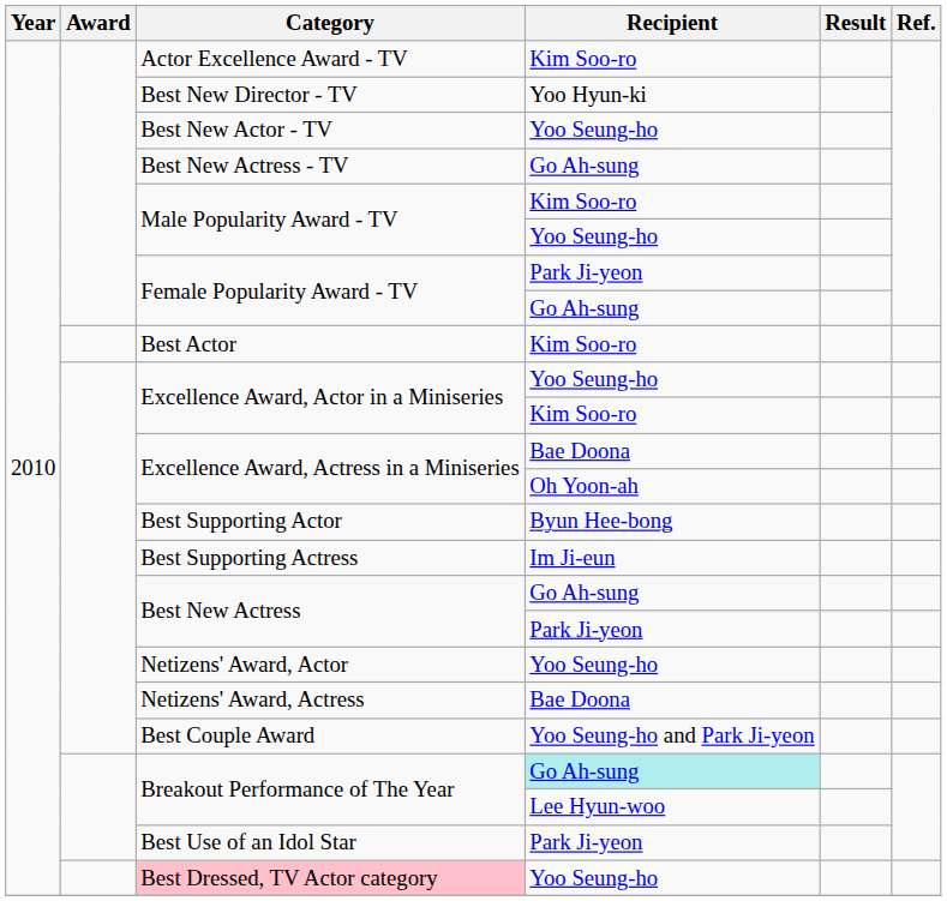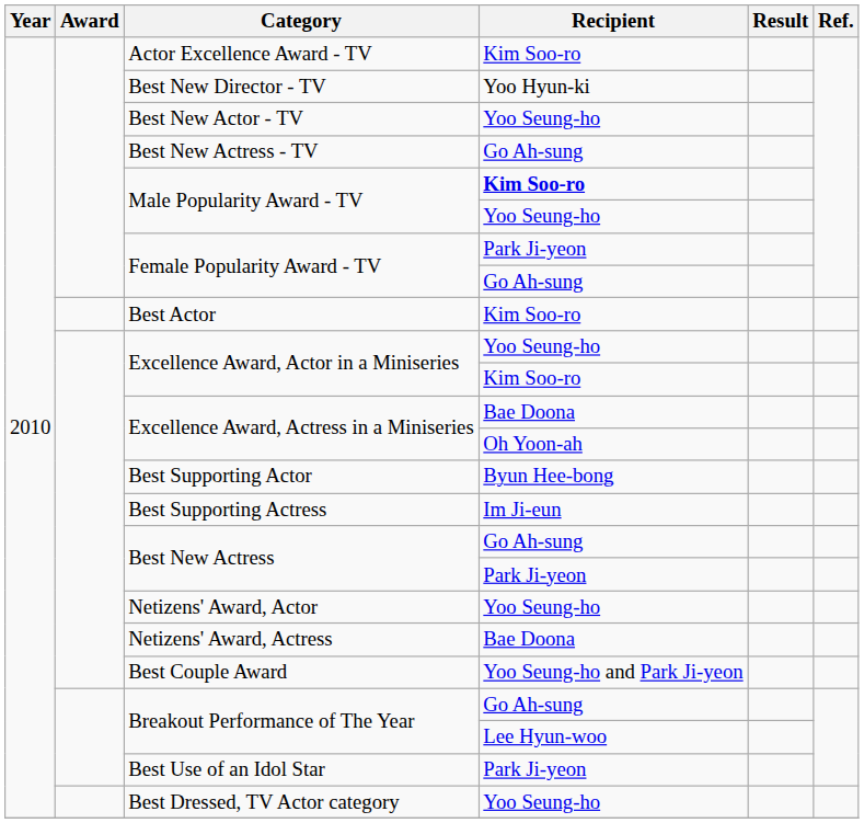 <table class="wikitable sortable">
 <tr>
 <th>Year</th>
 <th>Award</th>
 <th>Category</th>
 <th>Recipient</th>
 <th>Result</th>
 <th class="unsortable">Ref.</th>
 </tr>
 <tr>
 <td rowspan="24">2010</td>
 <td rowspan="8"></td>
 <td>Actor Excellence Award - TV</td>
 <td><a href='#'>Kim Soo-ro</a></td>
 <td></td>
 <td rowspan="8"></td>
 </tr>
 <tr>
 <td>Best New Director - TV</td>
 <td>Yoo Hyun-ki</td>
 <td></td>
 </tr>
 <tr>
 <td>Best New Actor - TV</td>
 <td><a href='#'>Yoo Seung-ho</a></td>
 <td></td>
 </tr>
 <tr>
 <td>Best New Actress - TV</td>
 <td><a href='#'>Go Ah-sung</a></td>
 <td></td>
 </tr>
 <tr>
 <td rowspan="2">Male Popularity Award - TV</td>
-<td><a href='#'>Kim Soo-ro</a></td>
+<td><strong><a href='#'>Kim Soo-ro</a></strong></td>
 <td></td>
 </tr>
 <tr>
 <td><a href='#'>Yoo Seung-ho</a></td>
 <td></td>
 </tr>
 <tr>
 <td rowspan="2">Female Popularity Award - TV</td>
 <td><a href='#'>Park Ji-yeon</a></td>
 <td></td>
 </tr>
 <tr>
 <td><a href='#'>Go Ah-sung</a></td>
 <td></td>
 </tr>
 <tr>
 <td></td>
 <td>Best Actor</td>
 <td><a href='#'>Kim Soo-ro</a></td>
 <td></td>
 <td></td>
 </tr>
 <tr>
 <td rowspan=11></td>
 <td rowspan=2>Excellence Award, Actor in a Miniseries</td>
 <td><a href='#'>Yoo Seung-ho</a></td>
 <td></td>
 <td></td>
 </tr>
 <tr>
 <td><a href='#'>Kim Soo-ro</a></td>
 <td></td>
 <td></td>
 </tr>
 <tr>
 <td rowspan=2>Excellence Award, Actress in a Miniseries</td>
 <td><a href='#'>Bae Doona</a></td>
 <td></td>
 <td></td>
 </tr>
 <tr>
 <td><a href='#'>Oh Yoon-ah</a></td>
 <td></td>
 <td></td>
 </tr>
 <tr>
 <td>Best Supporting Actor</td>
 <td><a href='#'>Byun Hee-bong</a></td>
 <td></td>
 <td></td>
 </tr>
 <tr>
 <td>Best Supporting Actress</td>
 <td><a href='#'>Im Ji-eun</a></td>
 <td></td>
 <td></td>
 </tr>
 <tr>
 <td rowspan=2>Best New Actress</td>
 <td><a href='#'>Go Ah-sung</a></td>
 <td></td>
 <td></td>
 </tr>
 <tr>
 <td><a href='#'>Park Ji-yeon</a></td>
 <td></td>
 <td></td>
 </tr>
 <tr>
 <td>Netizens' Award, Actor</td>
 <td><a href='#'>Yoo Seung-ho</a></td>
 <td></td>
 <td></td>
 </tr>
 <tr>
 <td>Netizens' Award, Actress</td>
 <td><a href='#'>Bae Doona</a></td>
 <td></td>
 <td></td>
 </tr>
 <tr>
 <td>Best Couple Award</td>
 <td><a href='#'>Yoo Seung-ho</a> and <a href='#'>Park Ji-yeon</a></td>
 <td></td>
 <td></td>
 </tr>
 <tr>
 <td rowspan="3"></td>
 <td rowspan="2">Breakout Performance of The Year</td>
-<td style="background: paleturquoise;"><a href='#'>Go Ah-sung</a></td>
+<td><a href='#'>Go Ah-sung</a></td>
 <td></td>
 <td rowspan="3"></td>
 </tr>
 <tr>
 <td><a href='#'>Lee Hyun-woo</a></td>
 <td></td>
 </tr>
 <tr>
 <td>Best Use of an Idol Star</td>
 <td><a href='#'>Park Ji-yeon</a></td>
 <td></td>
 </tr>
 <tr>
 <td rowspan="1"></td>
-<td style="background: pink;">Best Dressed, TV Actor category</td>
+<td>Best Dressed, TV Actor category</td>
 <td><a href='#'>Yoo Seung-ho</a></td>
 <td></td>
 <td></td>
 </tr>
 <tr>
 </tr>
 </table>
